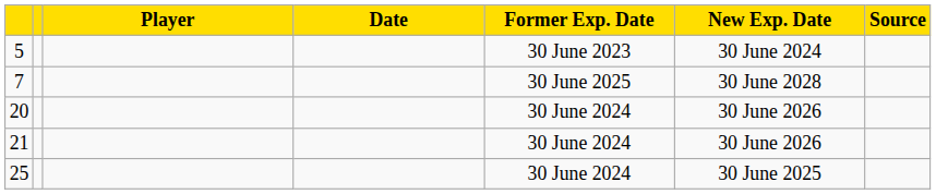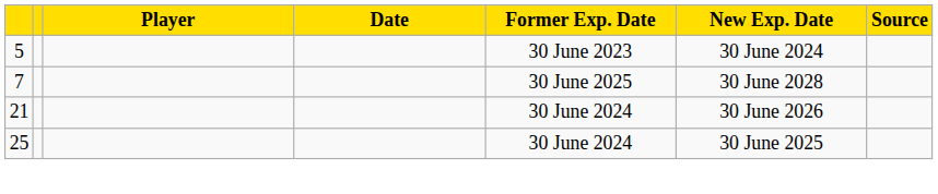 <table class="wikitable sortable">
 <tr>
 <th style="background:#FFDE00"></th>
 <th style="background:#FFDE00"></th>
 <th width=200 style="background:#FFDE00">Player</th>
 <th width=150 style="background:#FFDE00">Date</th>
 <th width=150 style="background:#FFDE00">Former Exp. Date</th>
 <th width=150 style="background:#FFDE00">New Exp. Date</th>
 <th style="background:#FFDE00">Source</th>
 </tr>
 <tr>
 <td align=center>5</td>
 <td align=center></td>
 <td></td>
 <td align=center></td>
 <td align=center>30 June 2023</td>
 <td align=center>30 June 2024</td>
 <td align=center></td>
 </tr>
 <tr>
 <td align=center>7</td>
 <td align=center></td>
 <td></td>
 <td align=center></td>
 <td align=center>30 June 2025</td>
 <td align=center>30 June 2028</td>
 <td align=center></td>
 </tr>
 <tr>
-<td align=center>20</td>
-<td align=center></td>
-<td></td>
-<td align=center></td>
-<td align=center>30 June 2024</td>
-<td align=center>30 June 2026</td>
-<td align=center></td>
-</tr>
-<tr>
 <td align=center>21</td>
 <td align=center></td>
 <td></td>
 <td align=center></td>
 <td align=center>30 June 2024</td>
 <td align=center>30 June 2026</td>
 <td align=center></td>
 </tr>
 <tr>
 <td align=center>25</td>
 <td align=center></td>
 <td></td>
 <td align=center></td>
 <td align=center>30 June 2024</td>
 <td align=center>30 June 2025</td>
 <td align=center></td>
 </tr>
 </table>
